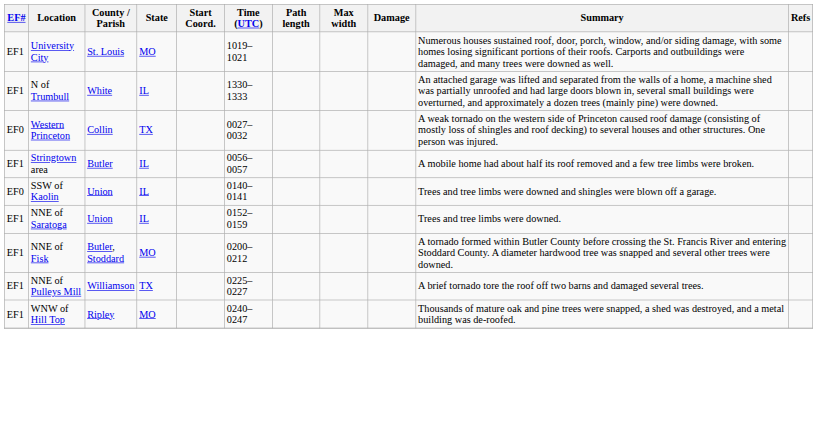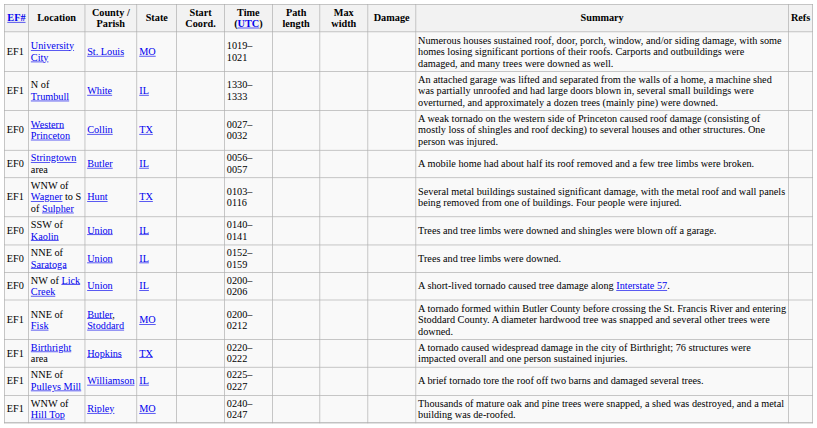 <table class="wikitable sortable" style="width:100%;">
 <tr>
 <th scope="col" width="3%" align="center"><a href='#'>EF#</a></th>
 <th scope="col" width="7%" align="center" class="unsortable">Location</th>
 <th scope="col" width="6%" align="center" class="unsortable">County / Parish</th>
 <th scope="col" width="5%" align="center">State</th>
 <th scope="col" width="6%" align="center">Start Coord.</th>
 <th scope="col" width="6%" align="center">Time (<a href='#'>UTC</a>)</th>
 <th scope="col" width="6%" align="center">Path length</th>
 <th scope="col" width="6%" align="center">Max width</th>
 <th scope="col" width="6%" align="center">Damage</th>
 <th scope="col" width="48%" class="unsortable" align="center">Summary</th>
 <th scope="col" width="48%" class="unsortable" align="center">Refs</th>
 </tr>
 <tr>
 <td>EF1</td>
 <td><a href='#'>University City</a></td>
 <td><a href='#'>St. Louis</a></td>
 <td><a href='#'>MO</a></td>
 <td></td>
 <td>1019–1021</td>
 <td></td>
 <td></td>
 <td></td>
 <td>Numerous houses sustained roof, door, porch, window, and/or siding damage, with some homes losing significant portions of their roofs. Carports and outbuildings were damaged, and many trees were downed as well.</td>
 <td></td>
 </tr>
 <tr>
 <td>EF1</td>
 <td>N of <a href='#'>Trumbull</a></td>
 <td><a href='#'>White</a></td>
 <td><a href='#'>IL</a></td>
 <td></td>
 <td>1330–1333</td>
 <td></td>
 <td></td>
 <td></td>
 <td>An attached garage was lifted and separated from the walls of a home, a  machine shed was partially unroofed and had large doors blown in, several small buildings were overturned, and approximately a dozen trees (mainly pine) were downed.</td>
 <td></td>
 </tr>
 <tr>
 <td>EF0</td>
 <td><a href='#'>Western Princeton</a></td>
 <td><a href='#'>Collin</a></td>
 <td><a href='#'>TX</a></td>
 <td></td>
 <td>0027–0032</td>
 <td></td>
 <td></td>
 <td></td>
 <td>A weak tornado on the western side of Princeton caused roof damage (consisting of mostly loss of shingles and roof decking) to several houses and other structures. One person was injured.</td>
 <td></td>
 </tr>
 <tr>
-<td>EF1</td>
+<td>EF0</td>
 <td><a href='#'>Stringtown</a> area</td>
 <td><a href='#'>Butler</a></td>
 <td><a href='#'>IL</a></td>
 <td></td>
 <td>0056–0057</td>
 <td></td>
 <td></td>
 <td></td>
 <td>A mobile home had about half its roof removed and a few tree limbs were broken.</td>
+<td></td>
+</tr>
+<tr>
+<td>EF1</td>
+<td>WNW of <a href='#'>Wagner</a> to S of <a href='#'>Sulpher</a></td>
+<td><a href='#'>Hunt</a></td>
+<td><a href='#'>TX</a></td>
+<td></td>
+<td>0103–0116</td>
+<td></td>
+<td></td>
+<td></td>
+<td>Several metal buildings sustained significant damage, with the metal roof and wall panels being removed from one of buildings. Four people were injured.</td>
 <td></td>
 </tr>
 <tr>
 <td>EF0</td>
 <td>SSW of <a href='#'>Kaolin</a></td>
 <td><a href='#'>Union</a></td>
 <td><a href='#'>IL</a></td>
 <td></td>
 <td>0140–0141</td>
 <td></td>
 <td></td>
 <td></td>
 <td>Trees and tree limbs were downed and shingles were blown off a garage.</td>
 <td></td>
 </tr>
 <tr>
-<td>EF1</td>
+<td>EF0</td>
 <td>NNE of <a href='#'>Saratoga</a></td>
 <td><a href='#'>Union</a></td>
 <td><a href='#'>IL</a></td>
 <td></td>
 <td>0152–0159</td>
 <td></td>
 <td></td>
 <td></td>
 <td>Trees and tree limbs were downed.</td>
+<td></td>
+</tr>
+<tr>
+<td>EF0</td>
+<td>NW of <a href='#'>Lick Creek</a></td>
+<td><a href='#'>Union</a></td>
+<td><a href='#'>IL</a></td>
+<td></td>
+<td>0200–0206</td>
+<td></td>
+<td></td>
+<td></td>
+<td>A short-lived tornado caused tree damage along <a href='#'>Interstate 57</a>.</td>
 <td></td>
 </tr>
 <tr>
 <td>EF1</td>
 <td>NNE of <a href='#'>Fisk</a></td>
 <td><a href='#'>Butler</a>, <a href='#'>Stoddard</a></td>
 <td><a href='#'>MO</a></td>
 <td></td>
 <td>0200–0212</td>
 <td></td>
 <td></td>
 <td></td>
 <td>A tornado formed within Butler County before crossing the St. Francis River and entering Stoddard County. A  diameter hardwood tree was snapped and several other trees were downed.</td>
 <td></td>
 </tr>
 <tr>
 <td>EF1</td>
+<td><a href='#'>Birthright</a> area</td>
+<td><a href='#'>Hopkins</a></td>
+<td><a href='#'>TX</a></td>
+<td></td>
+<td>0220–0222</td>
+<td></td>
+<td></td>
+<td></td>
+<td>A tornado caused widespread damage in the city of Birthright; 76 structures were impacted overall and one person sustained injuries.</td>
+<td></td>
+</tr>
+<tr>
+<td>EF1</td>
 <td>NNE of <a href='#'>Pulleys Mill</a></td>
 <td><a href='#'>Williamson</a></td>
-<td><a href='#'>TX</a></td>
+<td><a href='#'>IL</a></td>
 <td></td>
 <td>0225–0227</td>
 <td></td>
 <td></td>
 <td></td>
 <td>A brief tornado tore the roof off two barns and damaged several trees.</td>
 <td></td>
 </tr>
 <tr>
 <td>EF1</td>
 <td>WNW of <a href='#'>Hill Top</a></td>
 <td><a href='#'>Ripley</a></td>
 <td><a href='#'>MO</a></td>
 <td></td>
 <td>0240–0247</td>
 <td></td>
 <td></td>
 <td></td>
 <td>Thousands of mature oak and pine trees were snapped, a shed was destroyed, and a metal building was de-roofed.</td>
 <td></td>
 </tr>
 <tr>
 </tr>
 </table>
